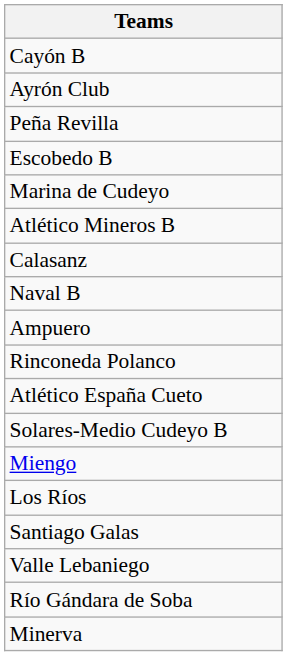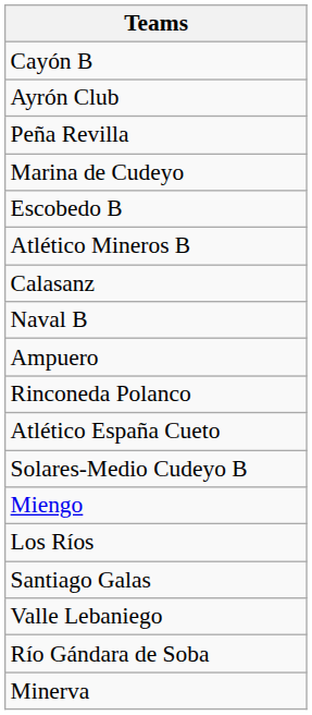 <table class="wikitable sortable">
 <tr>
 <th width=200>Teams</th>
 </tr>
 <tr>
 <td>Cayón B</td>
 </tr>
 <tr>
 <td>Ayrón Club</td>
 </tr>
 <tr>
 <td>Peña Revilla</td>
 </tr>
 <tr>
-<td>Escobedo B</td>
+<td>Marina de Cudeyo</td>
 </tr>
 <tr>
-<td>Marina de Cudeyo</td>
+<td>Escobedo B</td>
 </tr>
 <tr>
 <td>Atlético Mineros B</td>
 </tr>
 <tr>
 <td>Calasanz</td>
 </tr>
 <tr>
 <td>Naval B</td>
 </tr>
 <tr>
 <td>Ampuero</td>
 </tr>
 <tr>
 <td>Rinconeda Polanco</td>
 </tr>
 <tr>
 <td>Atlético España Cueto</td>
 </tr>
 <tr>
 <td>Solares-Medio Cudeyo B</td>
 </tr>
 <tr>
 <td><a href='#'>Miengo</a></td>
 </tr>
 <tr>
 <td>Los Ríos</td>
 </tr>
 <tr>
 <td>Santiago Galas</td>
 </tr>
 <tr>
 <td>Valle Lebaniego</td>
 </tr>
 <tr>
 <td>Río Gándara de Soba</td>
 </tr>
 <tr>
 <td>Minerva</td>
 </tr>
 </table>
